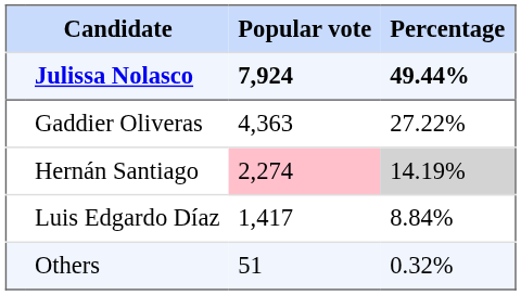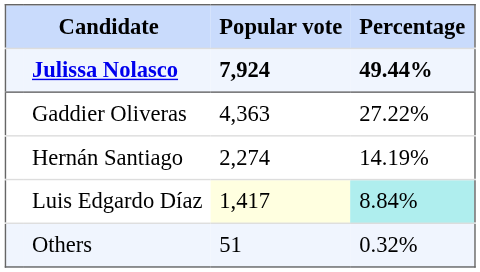 <table style="border: 1px solid #666666; border-collapse: collapse" align="center" cellpadding="6">
 <tr style="background-color: #C9DBFC">
 <th colspan="2">Candidate</th>
 <th>Popular vote</th>
 <th>Percentage</th>
 </tr>
 <tr style="background-color: #F0F5FE">
 <td style="border-top: 1px solid #DDDDDD"></td>
 <td style="border-top: 1px solid #DDDDDD"><strong><a href='#'>Julissa Nolasco</a></strong></td>
 <td style="border-top: 1px solid #DDDDDD"><strong>7,924</strong></td>
 <td style="border-top: 1px solid #DDDDDD"><strong>49.44%</strong></td>
 </tr>
 <tr>
 <td style="border-top: 1px solid #666666"></td>
 <td style="border-top: 1px solid #666666">Gaddier Oliveras</td>
 <td style="border-top: 1px solid #666666">4,363</td>
 <td style="border-top: 1px solid #666666">27.22%</td>
 </tr>
 <tr>
 <td style="border-top: 1px solid #DDDDDD"></td>
 <td style="border-top: 1px solid #DDDDDD">Hernán Santiago</td>
-<td style="background: pink; border-top: 1px solid #DDDDDD">2,274</td>
-<td style="background: lightgrey; border-top: 1px solid #DDDDDD">14.19%</td>
+<td style="border-top: 1px solid #DDDDDD">2,274</td>
+<td style="border-top: 1px solid #DDDDDD">14.19%</td>
 </tr>
 <tr>
 <td style="border-top: 1px solid #DDDDDD"></td>
 <td style="border-top: 1px solid #DDDDDD">Luis Edgardo Díaz</td>
-<td style="border-top: 1px solid #DDDDDD">1,417</td>
-<td style="border-top: 1px solid #DDDDDD">8.84%</td>
+<td style="background: lightyellow; border-top: 1px solid #DDDDDD">1,417</td>
+<td style="background: paleturquoise; border-top: 1px solid #DDDDDD">8.84%</td>
 </tr>
 <tr style="background-color: #F0F5FE">
 <td style="border-top: 1px solid #DDDDDD"></td>
 <td style="border-top: 1px solid #DDDDDD">Others</td>
 <td style="border-top: 1px solid #DDDDDD">51</td>
 <td style="border-top: 1px solid #DDDDDD">0.32%</td>
 </tr>
 </table>
